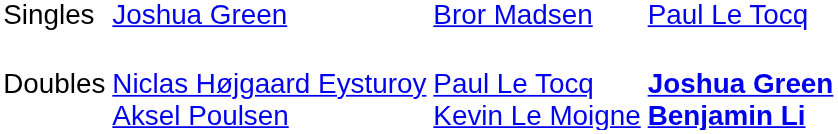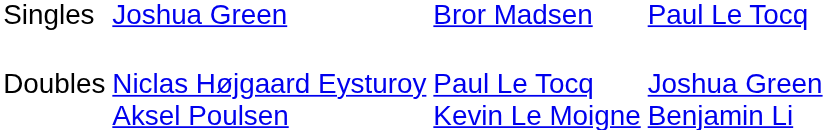 <table>
 <tr>
 <td>Singles</td>
 <td> <a href='#'>Joshua Green</a></td>
 <td> <a href='#'>Bror Madsen</a></td>
 <td> <a href='#'>Paul Le Tocq</a></td>
 </tr>
 <tr>
 <td>Doubles</td>
 <td><br><a href='#'>Niclas Højgaard Eysturoy</a><br><a href='#'>Aksel Poulsen</a></td>
 <td><br><a href='#'>Paul Le Tocq</a><br><a href='#'>Kevin Le Moigne</a></td>
-<td><strong><br><a href='#'>Joshua Green</a><br><a href='#'>Benjamin Li</a></strong></td>
+<td><br><a href='#'>Joshua Green</a><br><a href='#'>Benjamin Li</a></td>
 </tr>
 </table>
